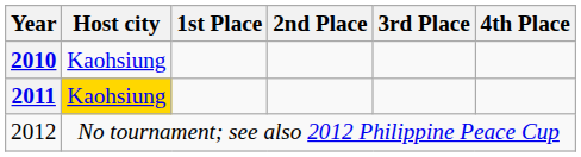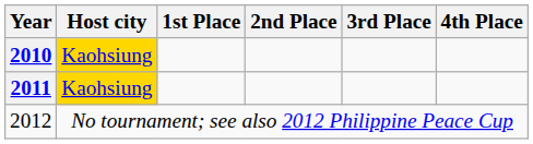 <table class="wikitable">
 <tr>
 <th>Year</th>
 <th>Host city</th>
 <th>1st Place</th>
 <th>2nd Place</th>
 <th>3rd Place</th>
 <th>4th Place</th>
 </tr>
 <tr>
 <th><a href='#'>2010</a></th>
-<td><a href='#'>Kaohsiung</a></td>
+<td style="background: gold;"><a href='#'>Kaohsiung</a></td>
 <td></td>
 <td></td>
 <td></td>
 <td></td>
 </tr>
 <tr>
 <th><a href='#'>2011</a></th>
 <td style="background: gold;"><a href='#'>Kaohsiung</a></td>
 <td></td>
 <td></td>
 <td></td>
 <td></td>
 </tr>
 <tr>
 <td>2012</td>
 <td colspan=5 style="text-align:center;"><em>No tournament; see also <a href='#'>2012 Philippine Peace Cup</a></em></td>
 </tr>
 </table>
